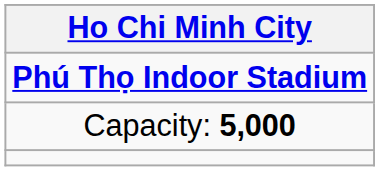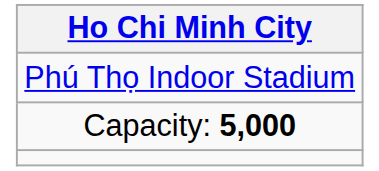 <table class="wikitable" style="margin:1em auto; text-align:center;">
 <tr>
 <th><a href='#'>Ho Chi Minh City</a></th>
 </tr>
 <tr>
-<td><strong><a href='#'>Phú Thọ Indoor Stadium</a></strong></td>
+<td><a href='#'>Phú Thọ Indoor Stadium</a></td>
 </tr>
 <tr>
 <td>Capacity: <strong>5,000</strong></td>
 </tr>
 <tr>
 <td></td>
 </tr>
 </table>
